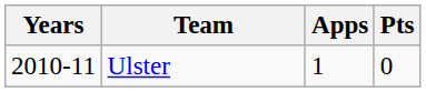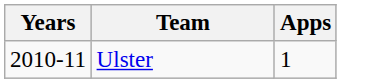 <table class="wikitable" style="text-align:left;">
 <tr>
 <th>Years</th>
 <th width=120px>Team</th>
 <th>Apps</th>
-<th>Pts</th>
 </tr>
 <tr>
 <td>2010-11</td>
 <td><a href='#'>Ulster</a></td>
 <td>1</td>
-<td>0</td>
 </tr>
 </table>
